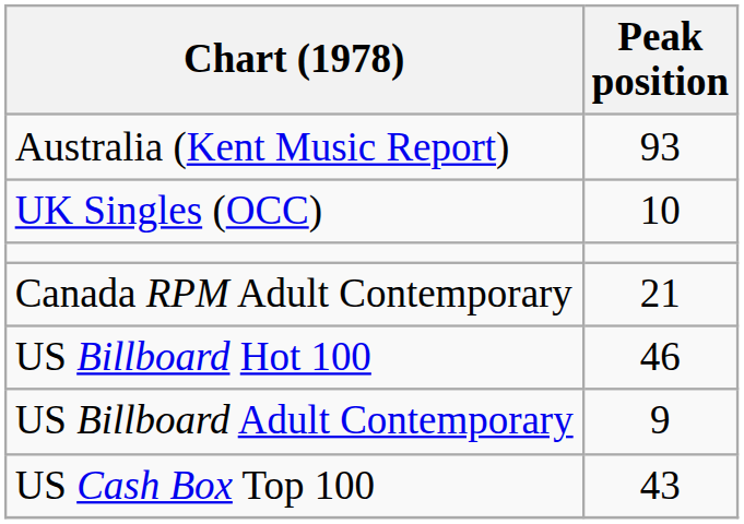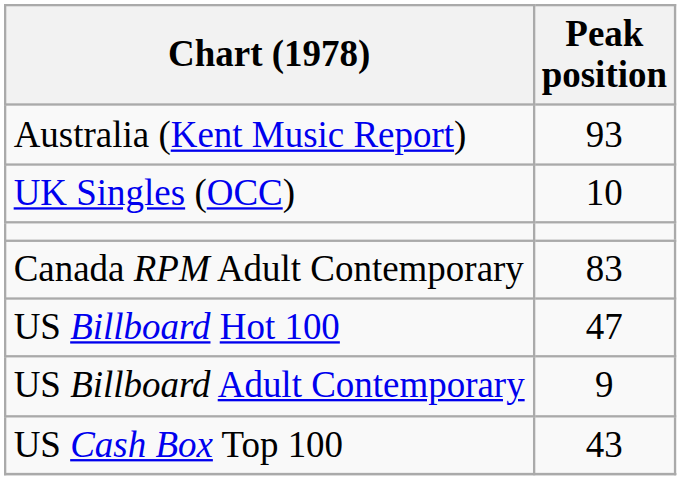 <table class="wikitable sortable">
 <tr>
 <th>Chart (1978)</th>
 <th>Peak<br>position</th>
 </tr>
 <tr>
 <td>Australia (<a href='#'>Kent Music Report</a>)</td>
 <td style="text-align:center;">93</td>
 </tr>
 <tr>
 <td><a href='#'>UK Singles</a> (<a href='#'>OCC</a>)</td>
 <td style="text-align:center;">10</td>
 </tr>
 <tr>
 <td></td>
 </tr>
 <tr>
 <td>Canada <em>RPM</em> Adult Contemporary</td>
-<td style="text-align:center;">21</td>
+<td style="text-align:center;">83</td>
 </tr>
 <tr>
 <td>US <em><a href='#'>Billboard</a></em> <a href='#'>Hot 100</a></td>
-<td style="text-align:center;">46</td>
+<td style="text-align:center;">47</td>
 </tr>
 <tr>
 <td>US <em>Billboard</em> <a href='#'>Adult Contemporary</a></td>
 <td style="text-align:center;">9</td>
 </tr>
 <tr>
 <td>US <a href='#'><em>Cash Box</em></a> Top 100</td>
 <td align="center">43</td>
 </tr>
 <tr>
 </tr>
 </table>
